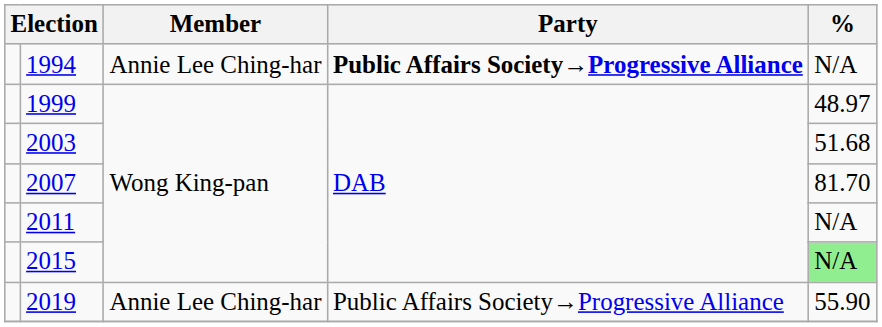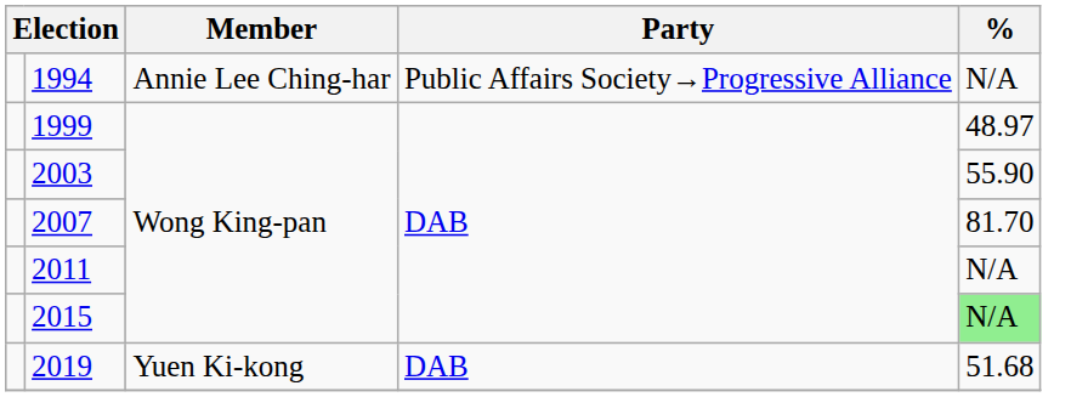 <table class="wikitable">
 <tr>
 <th colspan="2">Election</th>
 <th>Member</th>
 <th>Party</th>
 <th>%</th>
 </tr>
 <tr>
 <td style="background-color: "></td>
 <td><a href='#'>1994</a></td>
 <td>Annie Lee Ching-har</td>
-<td><strong>Public Affairs Society→<a href='#'>Progressive Alliance</a></strong></td>
+<td>Public Affairs Society→<a href='#'>Progressive Alliance</a></td>
 <td>N/A</td>
 </tr>
 <tr>
 <td style="background-color: "></td>
 <td><a href='#'>1999</a></td>
 <td rowspan=5>Wong King-pan</td>
 <td rowspan=5><a href='#'>DAB</a></td>
 <td>48.97</td>
 </tr>
 <tr>
 <td style="background-color: "></td>
 <td><a href='#'>2003</a></td>
-<td>51.68</td>
+<td>55.90</td>
 </tr>
 <tr>
 <td style="background-color: "></td>
 <td><a href='#'>2007</a></td>
 <td>81.70</td>
 </tr>
 <tr>
 <td style="background-color: "></td>
 <td><a href='#'>2011</a></td>
 <td>N/A</td>
 </tr>
 <tr>
 <td style="background-color: "></td>
 <td><a href='#'>2015</a></td>
 <td style="background: lightgreen;">N/A</td>
 </tr>
 <tr>
 <td style="background-color: "></td>
 <td><a href='#'>2019</a></td>
-<td>Annie Lee Ching-har</td>
-<td>Public Affairs Society→<a href='#'>Progressive Alliance</a></td>
-<td>55.90</td>
+<td>Yuen Ki-kong</td>
+<td><a href='#'>DAB</a></td>
+<td>51.68</td>
 </tr>
 <tr>
 </tr>
 </table>
